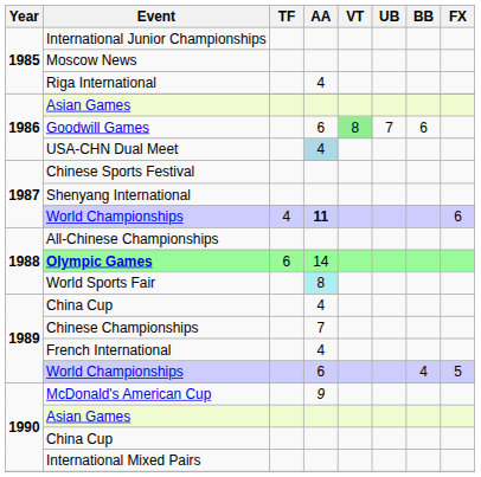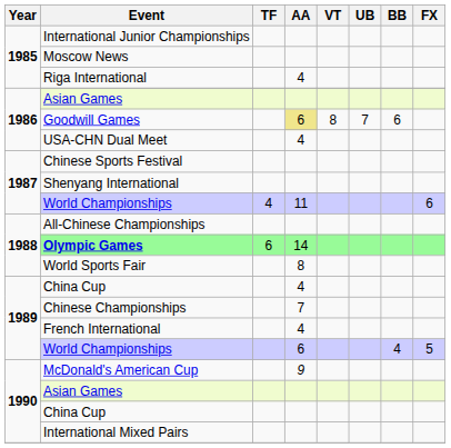 <table class="wikitable" style="text-align:center; font-size:95%;">
 <tr>
 <th align="center">Year</th>
 <th align="center">Event</th>
 <th style="width:30px;">TF</th>
 <th style="width:30px;">AA</th>
 <th style="width:30px;">VT</th>
 <th style="width:30px;">UB</th>
 <th style="width:30px;">BB</th>
 <th style="width:30px;">FX</th>
 </tr>
 <tr>
 <td rowspan="3"><strong>1985</strong></td>
 <td align="left">International Junior Championships</td>
 <td></td>
 <td></td>
 <td></td>
 <td></td>
 <td></td>
 <td></td>
 </tr>
 <tr>
 <td align="left">Moscow News</td>
 <td></td>
 <td></td>
 <td></td>
 <td></td>
 <td></td>
 <td></td>
 </tr>
 <tr>
 <td align="left">Riga International</td>
 <td></td>
 <td>4</td>
 <td></td>
 <td></td>
 <td></td>
 <td></td>
 </tr>
 <tr>
 <td rowspan="4"><strong>1986</strong></td>
 </tr>
 <tr bgcolor=#f0fccf>
 <td align="left"><a href='#'>Asian Games</a></td>
 <td></td>
 <td></td>
 <td></td>
 <td></td>
 <td></td>
 <td></td>
 </tr>
 <tr>
 <td align="left"><a href='#'>Goodwill Games</a></td>
 <td></td>
-<td>6</td>
-<td style="background: lightgreen;">8</td>
+<td style="background: khaki;">6</td>
+<td>8</td>
 <td>7</td>
 <td>6</td>
 <td></td>
 </tr>
 <tr>
 <td align="left">USA-CHN Dual Meet</td>
 <td></td>
-<td style="background: lightblue;">4</td>
+<td>4</td>
 <td></td>
 <td></td>
 <td></td>
 <td></td>
 </tr>
 <tr>
 <td rowspan="3"><strong>1987</strong></td>
 <td align="left">Chinese Sports Festival</td>
 <td></td>
 <td></td>
 <td></td>
 <td></td>
 <td></td>
 <td></td>
 </tr>
 <tr>
 <td align="left">Shenyang International</td>
 <td></td>
 <td></td>
 <td></td>
 <td></td>
 <td></td>
 <td></td>
 </tr>
 <tr bgcolor=#CCCCFF>
 <td align="left"><a href='#'>World Championships</a></td>
 <td>4</td>
-<td><strong>11</strong></td>
+<td>11</td>
 <td></td>
 <td></td>
 <td></td>
 <td>6</td>
 </tr>
 <tr>
 <td rowspan="3"><strong>1988</strong></td>
 <td align="left">All-Chinese Championships</td>
 <td></td>
 <td></td>
 <td></td>
 <td></td>
 <td></td>
 <td></td>
 </tr>
 <tr style="background:#98fb98">
 <td align="left"><strong><a href='#'>Olympic Games</a></strong></td>
 <td>6</td>
 <td>14</td>
 <td></td>
 <td></td>
 <td></td>
 <td></td>
 </tr>
 <tr>
 <td align="left">World Sports Fair</td>
 <td></td>
-<td style="background: paleturquoise;">8</td>
+<td>8</td>
 <td></td>
 <td></td>
 <td></td>
 <td></td>
 </tr>
 <tr>
 <td rowspan="4"><strong>1989</strong></td>
 <td align="left">China Cup</td>
 <td></td>
 <td>4</td>
 <td></td>
 <td></td>
 <td></td>
 <td></td>
 </tr>
 <tr>
 <td align="left">Chinese Championships</td>
 <td></td>
 <td>7</td>
 <td></td>
 <td></td>
 <td></td>
 <td></td>
 </tr>
 <tr>
 <td align="left">French International</td>
 <td></td>
 <td>4</td>
 <td></td>
 <td></td>
 <td></td>
 <td></td>
 </tr>
 <tr bgcolor=#CCCCFF>
 <td align="left"><a href='#'>World Championships</a></td>
 <td></td>
 <td>6</td>
 <td></td>
 <td></td>
 <td>4</td>
 <td>5</td>
 </tr>
 <tr>
 <td rowspan="4"><strong>1990</strong></td>
 <td align="left"><a href='#'>McDonald's American Cup</a></td>
 <td></td>
 <td><em>9</em></td>
 <td></td>
 <td></td>
 <td></td>
 <td></td>
 </tr>
 <tr bgcolor=#f0fccf>
 <td align="left"><a href='#'>Asian Games</a></td>
 <td></td>
 <td></td>
 <td></td>
 <td></td>
 <td></td>
 <td></td>
 </tr>
 <tr>
 <td align="left">China Cup</td>
 <td></td>
 <td></td>
 <td></td>
 <td></td>
 <td></td>
 <td></td>
 </tr>
 <tr>
 <td align="left">International Mixed Pairs</td>
 <td></td>
 <td></td>
 <td></td>
 <td></td>
 <td></td>
 <td></td>
 </tr>
 <tr>
 </tr>
 </table>
